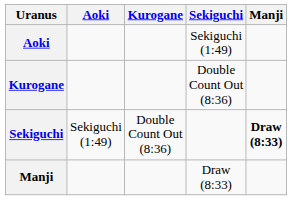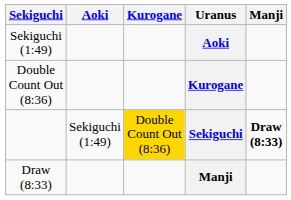 <table class="wikitable" style="text-align:center; margin: 1em auto 1em auto">
 <tr>
-<th>Uranus</th>
+<th><a href='#'>Sekiguchi</a></th>
 <th><a href='#'>Aoki</a></th>
 <th><a href='#'>Kurogane</a></th>
-<th><a href='#'>Sekiguchi</a></th>
+<th>Uranus</th>
 <th>Manji</th>
 </tr>
 <tr>
-<th><a href='#'>Aoki</a></th>
+<td>Sekiguchi<br>(1:49)</td>
 <td></td>
 <td></td>
-<td>Sekiguchi<br>(1:49)</td>
+<th><a href='#'>Aoki</a></th>
 <td></td>
 </tr>
 <tr>
-<th><a href='#'>Kurogane</a></th>
+<td>Double<br>Count Out<br>(8:36)</td>
 <td></td>
 <td></td>
-<td>Double<br>Count Out<br>(8:36)</td>
+<th><a href='#'>Kurogane</a></th>
 <td></td>
 </tr>
 <tr>
+<td></td>
+<td>Sekiguchi<br>(1:49)</td>
+<td style="background: gold;">Double<br>Count Out<br>(8:36)</td>
 <th><a href='#'>Sekiguchi</a></th>
-<td>Sekiguchi<br>(1:49)</td>
-<td>Double<br>Count Out<br>(8:36)</td>
-<td></td>
 <td><strong>Draw<br>(8:33)</strong></td>
 </tr>
 <tr>
-<th>Manji</th>
+<td>Draw<br>(8:33)</td>
 <td></td>
 <td></td>
-<td>Draw<br>(8:33)</td>
+<th>Manji</th>
 <td></td>
 </tr>
 </table>
